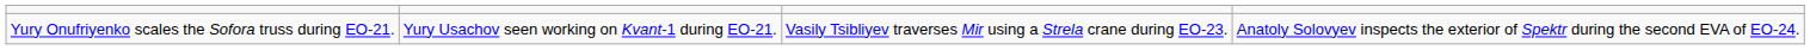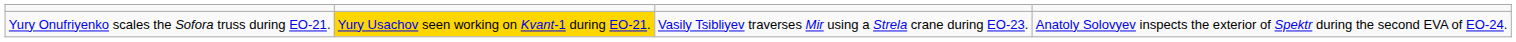 <table class=wikitable style="margin:1em auto;">
 <tr>
 <td></td>
 <td></td>
 <td></td>
 <td></td>
 </tr>
 <tr>
 <td><small><a href='#'>Yury Onufriyenko</a> scales the <em>Sofora</em> truss during <a href='#'>EO-21</a>.</small></td>
-<td><small><a href='#'>Yury Usachov</a> seen working on <a href='#'><em>Kvant</em>-1</a> during <a href='#'>EO-21</a>.</small></td>
+<td style="background: gold;"><small><a href='#'>Yury Usachov</a> seen working on <a href='#'><em>Kvant</em>-1</a> during <a href='#'>EO-21</a>.</small></td>
 <td><small><a href='#'>Vasily Tsibliyev</a> traverses <em><a href='#'>Mir</a></em> using a <a href='#'><em>Strela</em></a> crane during <a href='#'>EO-23</a>.</small></td>
 <td><small><a href='#'>Anatoly Solovyev</a> inspects the exterior of <em><a href='#'>Spektr</a></em> during the second EVA of <a href='#'>EO-24</a>.</small></td>
 </tr>
 </table>
